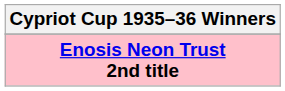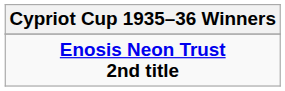 <table class="wikitable" style="text-align:center;margin: 0 auto;">
 <tr>
 <th>Cypriot Cup 1935–36 Winners</th>
 </tr>
 <tr>
 </tr>
 <tr>
-<td style="background: pink;"><strong><a href='#'>Enosis Neon Trust</a></strong><br><strong>2nd title</strong></td>
+<td><strong><a href='#'>Enosis Neon Trust</a></strong><br><strong>2nd title</strong></td>
 </tr>
 </table>
